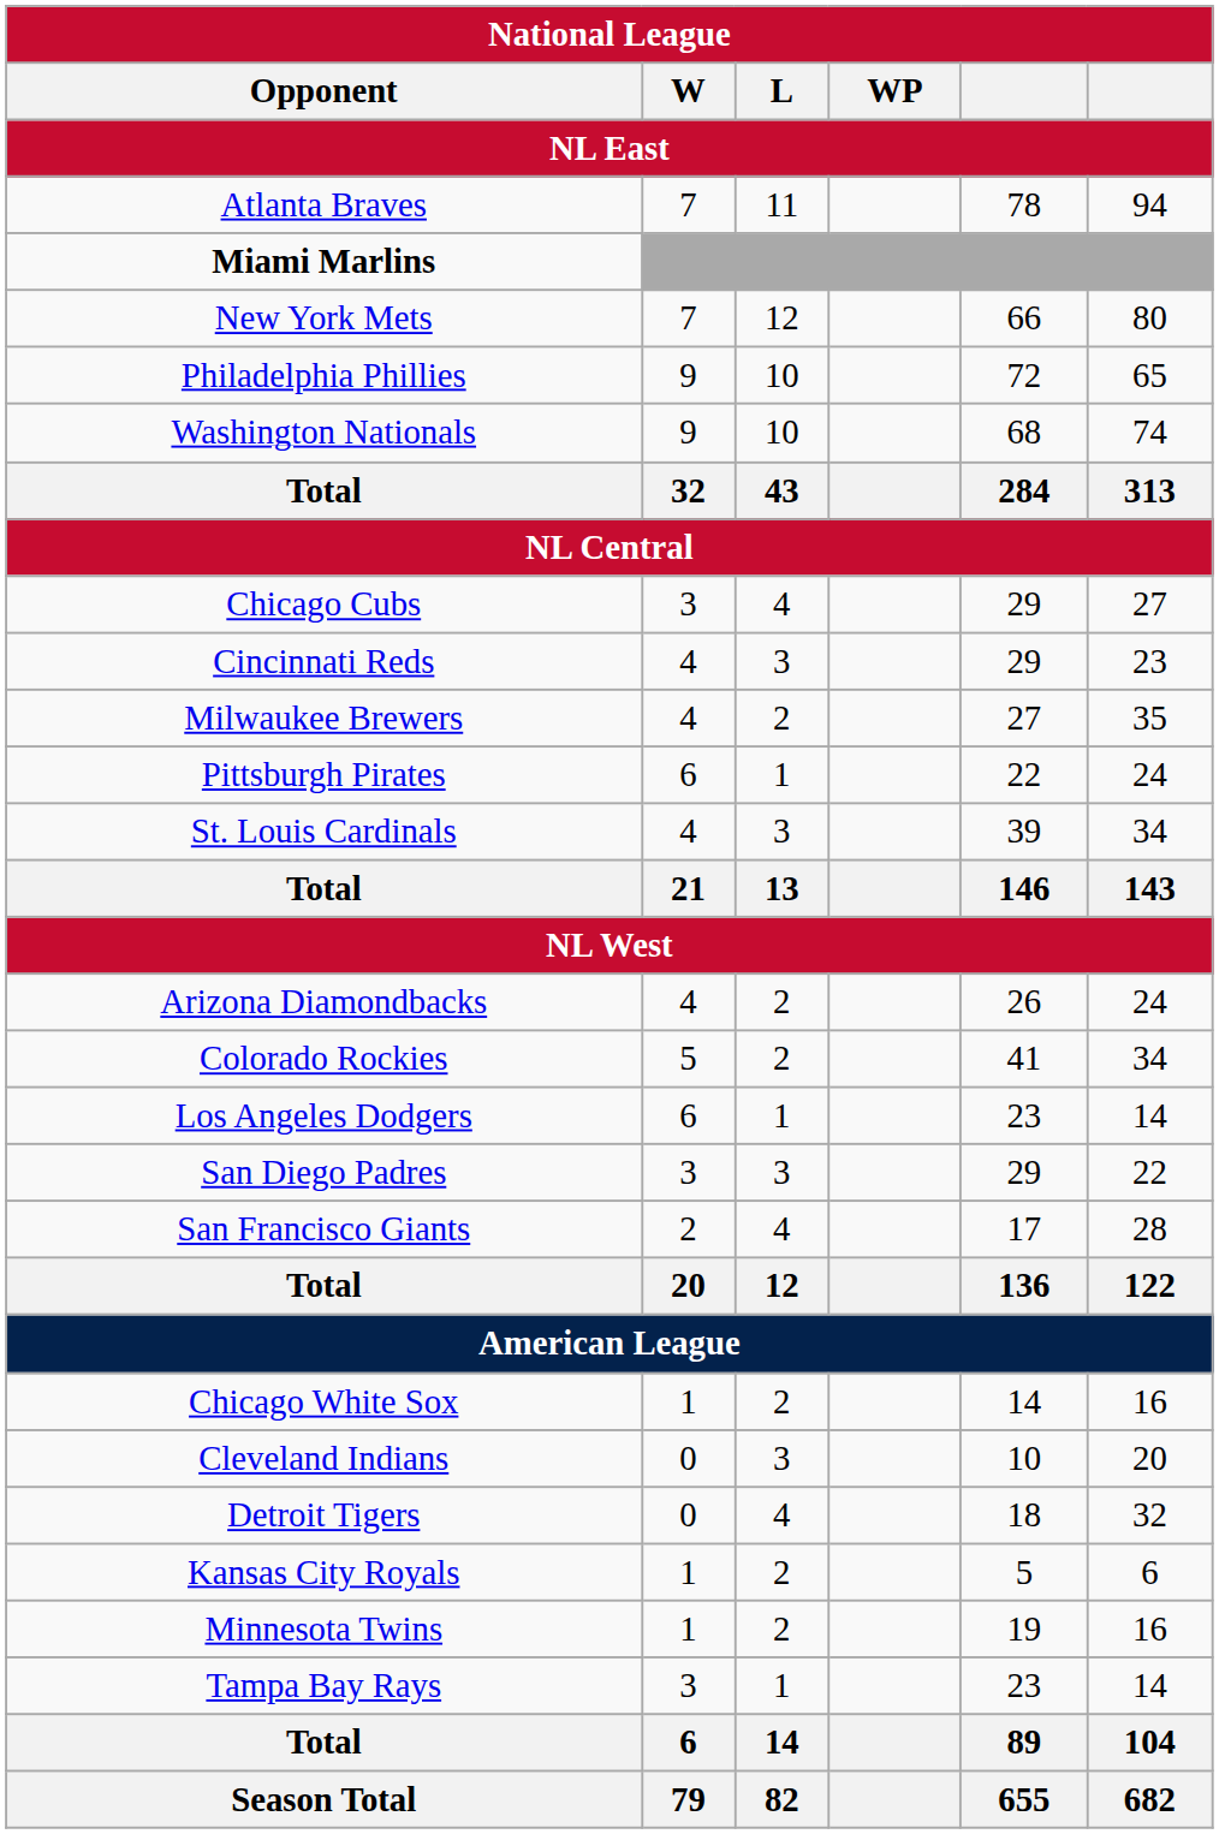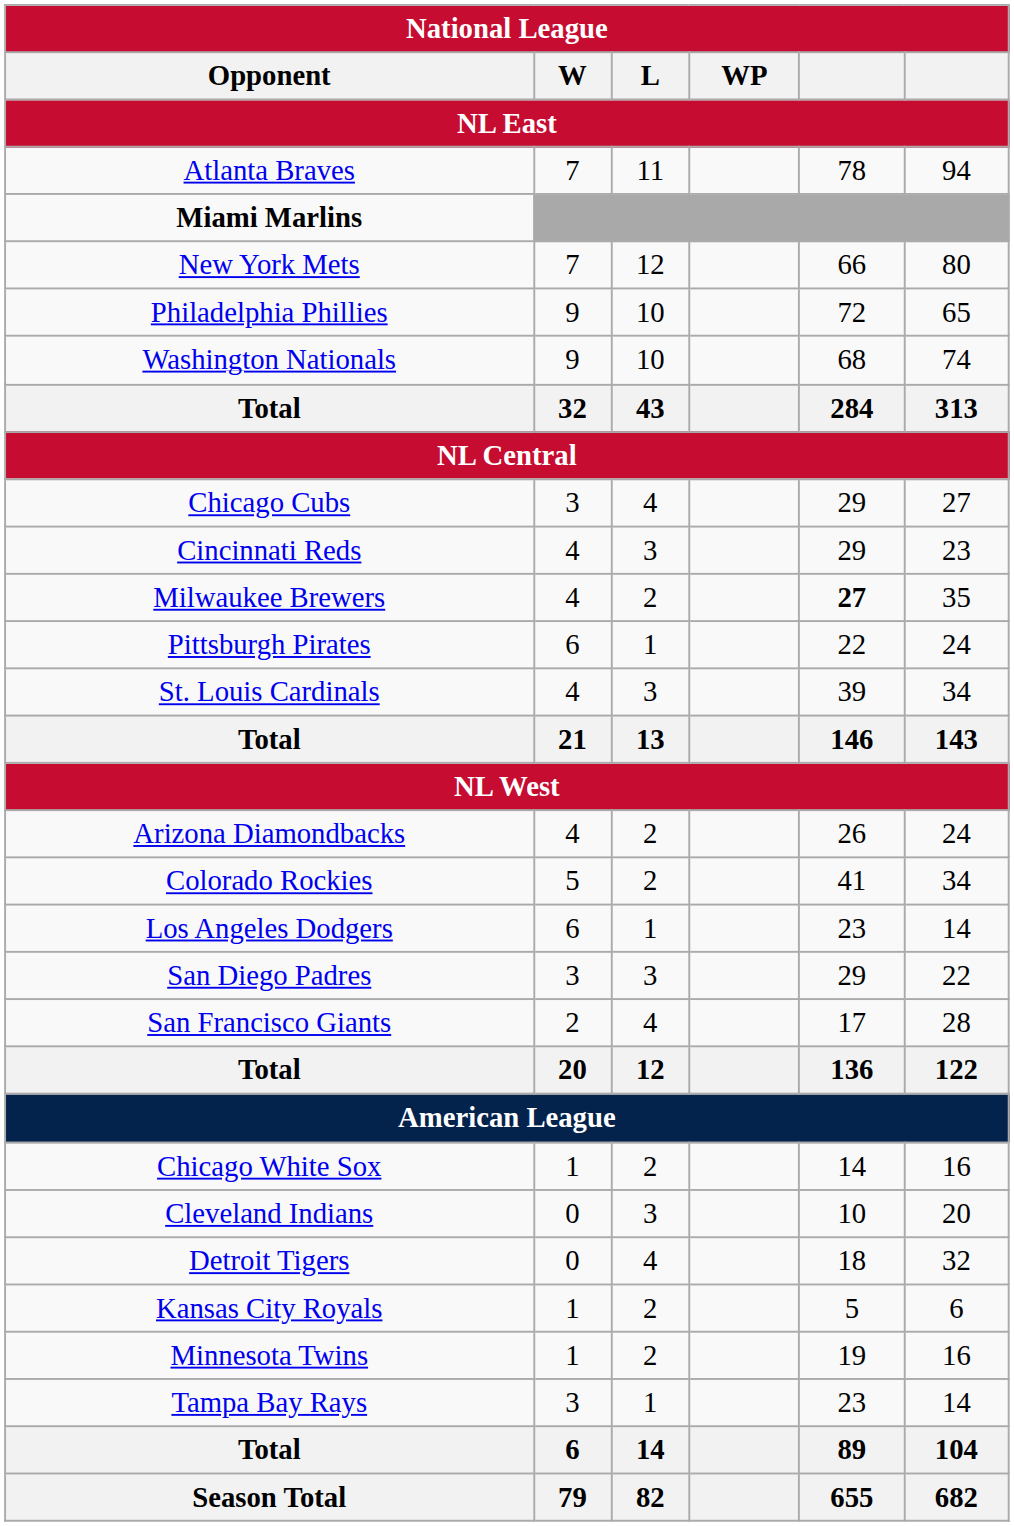 <table class="wikitable" style="font-size:95%; text-align:center; width:35em;margin: 0.5em auto;">
 <tr>
 <th colspan="7" style="background:#c60c30; color:#ffffff;">National League</th>
 </tr>
 <tr>
 <th>Opponent</th>
 <th>W</th>
 <th>L</th>
 <th>WP</th>
 <th></th>
 <th></th>
 </tr>
 <tr>
 <th colspan="7" style="background:#c60c30; color:#ffffff;">NL East</th>
 </tr>
 <tr>
 <td><a href='#'>Atlanta Braves</a></td>
 <td>7</td>
 <td>11</td>
 <td></td>
 <td>78</td>
 <td>94</td>
 </tr>
 <tr>
 <td><strong>Miami Marlins</strong></td>
 <td colspan=5 style="background:darkgray;"></td>
 </tr>
 <tr>
 <td><a href='#'>New York Mets</a></td>
 <td>7</td>
 <td>12</td>
 <td></td>
 <td>66</td>
 <td>80</td>
 </tr>
 <tr>
 <td><a href='#'>Philadelphia Phillies</a></td>
 <td>9</td>
 <td>10</td>
 <td></td>
 <td>72</td>
 <td>65</td>
 </tr>
 <tr>
 <td><a href='#'>Washington Nationals</a></td>
 <td>9</td>
 <td>10</td>
 <td></td>
 <td>68</td>
 <td>74</td>
 </tr>
 <tr>
 <th>Total</th>
 <th>32</th>
 <th>43</th>
 <th></th>
 <th>284</th>
 <th>313</th>
 </tr>
 <tr>
 <th colspan="7" style="background:#c60c30; color:#ffffff;">NL Central</th>
 </tr>
 <tr>
 <td><a href='#'>Chicago Cubs</a></td>
 <td>3</td>
 <td>4</td>
 <td></td>
 <td>29</td>
 <td>27</td>
 </tr>
 <tr>
 <td><a href='#'>Cincinnati Reds</a></td>
 <td>4</td>
 <td>3</td>
 <td></td>
 <td>29</td>
 <td>23</td>
 </tr>
 <tr>
 <td><a href='#'>Milwaukee Brewers</a></td>
 <td>4</td>
 <td>2</td>
 <td></td>
-<td>27</td>
+<td><strong>27</strong></td>
 <td>35</td>
 </tr>
 <tr>
 <td><a href='#'>Pittsburgh Pirates</a></td>
 <td>6</td>
 <td>1</td>
 <td></td>
 <td>22</td>
 <td>24</td>
 </tr>
 <tr>
 <td><a href='#'>St. Louis Cardinals</a></td>
 <td>4</td>
 <td>3</td>
 <td></td>
 <td>39</td>
 <td>34</td>
 </tr>
 <tr>
 <th>Total</th>
 <th>21</th>
 <th>13</th>
 <th></th>
 <th>146</th>
 <th>143</th>
 </tr>
 <tr>
 <th colspan="7" style="background:#c60c30; color:#ffffff;">NL West</th>
 </tr>
 <tr>
 <td><a href='#'>Arizona Diamondbacks</a></td>
 <td>4</td>
 <td>2</td>
 <td></td>
 <td>26</td>
 <td>24</td>
 </tr>
 <tr>
 <td><a href='#'>Colorado Rockies</a></td>
 <td>5</td>
 <td>2</td>
 <td></td>
 <td>41</td>
 <td>34</td>
 </tr>
 <tr>
 <td><a href='#'>Los Angeles Dodgers</a></td>
 <td>6</td>
 <td>1</td>
 <td></td>
 <td>23</td>
 <td>14</td>
 </tr>
 <tr>
 <td><a href='#'>San Diego Padres</a></td>
 <td>3</td>
 <td>3</td>
 <td></td>
 <td>29</td>
 <td>22</td>
 </tr>
 <tr>
 <td><a href='#'>San Francisco Giants</a></td>
 <td>2</td>
 <td>4</td>
 <td></td>
 <td>17</td>
 <td>28</td>
 </tr>
 <tr>
 <th>Total</th>
 <th>20</th>
 <th>12</th>
 <th></th>
 <th>136</th>
 <th>122</th>
 </tr>
 <tr>
 <th colspan="7" style="background:#03224c; color:#ffffff;">American League</th>
 </tr>
 <tr>
 <td><a href='#'>Chicago White Sox</a></td>
 <td>1</td>
 <td>2</td>
 <td></td>
 <td>14</td>
 <td>16</td>
 </tr>
 <tr>
 <td><a href='#'>Cleveland Indians</a></td>
 <td>0</td>
 <td>3</td>
 <td></td>
 <td>10</td>
 <td>20</td>
 </tr>
 <tr>
 <td><a href='#'>Detroit Tigers</a></td>
 <td>0</td>
 <td>4</td>
 <td></td>
 <td>18</td>
 <td>32</td>
 </tr>
 <tr>
 <td><a href='#'>Kansas City Royals</a></td>
 <td>1</td>
 <td>2</td>
 <td></td>
 <td>5</td>
 <td>6</td>
 </tr>
 <tr>
 <td><a href='#'>Minnesota Twins</a></td>
 <td>1</td>
 <td>2</td>
 <td></td>
 <td>19</td>
 <td>16</td>
 </tr>
 <tr>
 <td><a href='#'>Tampa Bay Rays</a></td>
 <td>3</td>
 <td>1</td>
 <td></td>
 <td>23</td>
 <td>14</td>
 </tr>
 <tr>
 <th>Total</th>
 <th>6</th>
 <th>14</th>
 <th></th>
 <th>89</th>
 <th>104</th>
 </tr>
 <tr>
 <th>Season Total</th>
 <th>79</th>
 <th>82</th>
 <th></th>
 <th>655</th>
 <th>682</th>
 </tr>
 </table>
